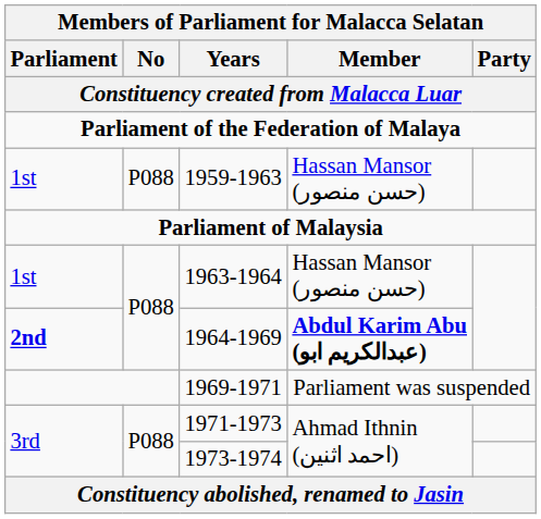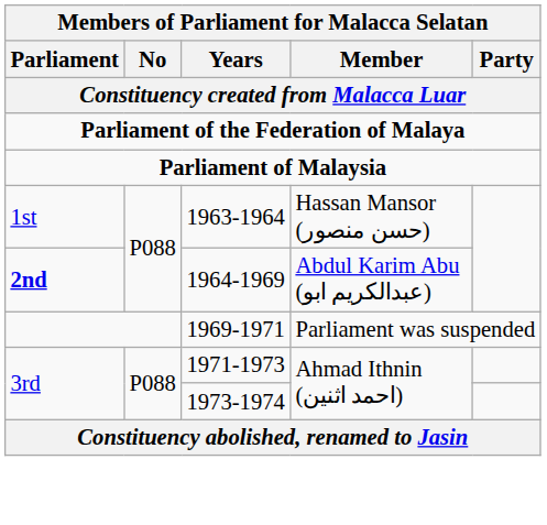 <table class=wikitable>
 <tr>
 <th colspan="5">Members of Parliament for Malacca Selatan</th>
 </tr>
 <tr>
 <th>Parliament</th>
 <th>No</th>
 <th>Years</th>
 <th>Member</th>
 <th>Party</th>
 </tr>
 <tr>
 <th colspan="5" align="center"><em>Constituency created from <a href='#'>Malacca Luar</a></em></th>
 </tr>
 <tr>
 <td colspan="5" align="center"><strong>Parliament of the Federation of Malaya</strong></td>
 </tr>
 <tr>
-<td><a href='#'>1st</a></td>
-<td>P088</td>
-<td>1959-1963</td>
-<td><a href='#'>Hassan Mansor</a>  <br>(حسن منصور)</td>
-<td></td>
-</tr>
-<tr>
 <td colspan="5" align="center"><strong>Parliament of Malaysia</strong></td>
 </tr>
 <tr>
 <td><a href='#'>1st</a></td>
 <td rowspan="2">P088</td>
 <td>1963-1964</td>
 <td>Hassan Mansor <br> (حسن منصور)</td>
 <td rowspan=2></td>
 </tr>
 <tr>
 <td><strong><a href='#'>2nd</a></strong></td>
 <td>1964-1969</td>
-<td><strong><a href='#'>Abdul Karim Abu</a> <br> (عبدالكريم ابو)</strong></td>
+<td><a href='#'>Abdul Karim Abu</a> <br> (عبدالكريم ابو)</td>
 </tr>
 <tr>
 <td colspan="2"></td>
 <td>1969-1971</td>
 <td colspan=2 align=center>Parliament was suspended</td>
 </tr>
 <tr>
 <td rowspan=2><a href='#'>3rd</a></td>
 <td rowspan="2">P088</td>
 <td>1971-1973</td>
 <td rowspan=2>Ahmad Ithnin <br> (احمد اثنين)</td>
 <td></td>
 </tr>
 <tr>
 <td>1973-1974</td>
 <td></td>
 </tr>
 <tr>
 <th colspan="5" align="center"><em>Constituency abolished, renamed to <a href='#'>Jasin</a></em></th>
 </tr>
 </table>
